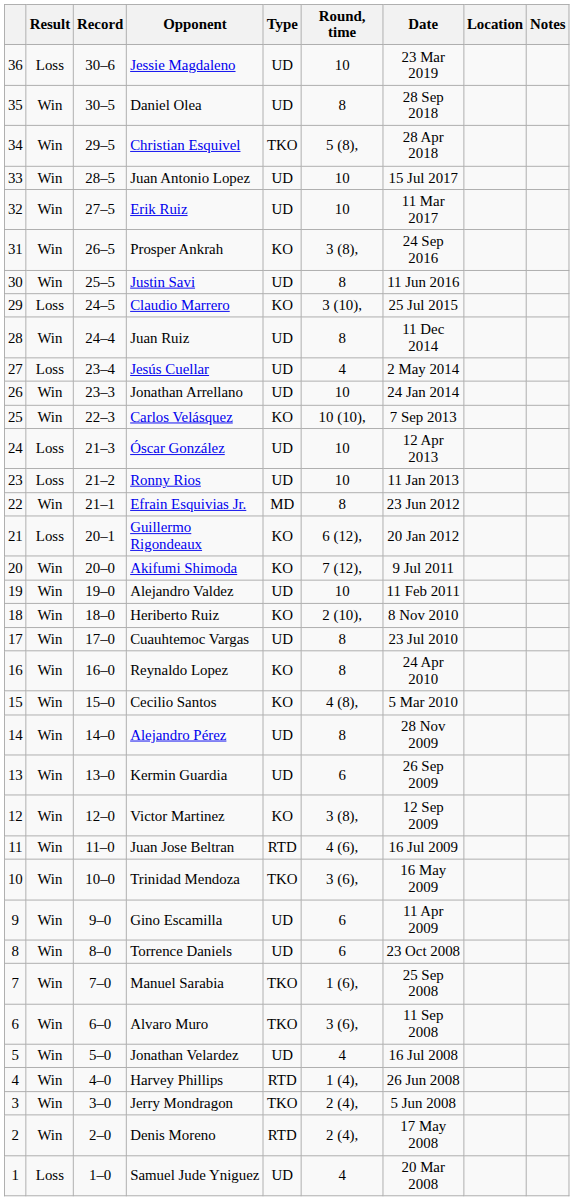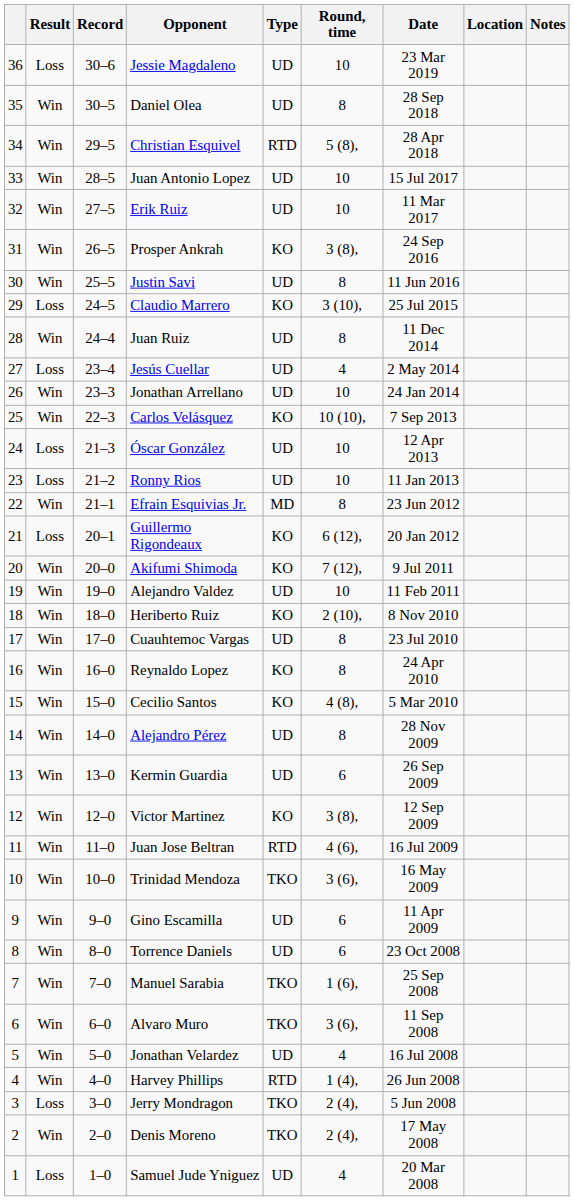 <table class="wikitable" style="text-align:center">
 <tr>
 <th></th>
 <th>Result</th>
 <th>Record</th>
 <th>Opponent</th>
 <th>Type</th>
 <th>Round, time</th>
 <th>Date</th>
 <th>Location</th>
 <th>Notes</th>
 </tr>
 <tr>
 <td>36</td>
 <td>Loss</td>
 <td>30–6</td>
 <td align=left><a href='#'>Jessie Magdaleno</a></td>
 <td>UD</td>
 <td>10</td>
 <td>23 Mar 2019</td>
 <td align=left></td>
 <td align=left></td>
 </tr>
 <tr>
 <td>35</td>
 <td>Win</td>
 <td>30–5</td>
 <td align=left>Daniel Olea</td>
 <td>UD</td>
 <td>8</td>
 <td>28 Sep 2018</td>
 <td align=left></td>
 <td align=left></td>
 </tr>
 <tr>
 <td>34</td>
 <td>Win</td>
 <td>29–5</td>
 <td align=left><a href='#'>Christian Esquivel</a></td>
-<td>TKO</td>
+<td>RTD</td>
 <td>5 (8), </td>
 <td>28 Apr 2018</td>
 <td align=left></td>
 <td align=left></td>
 </tr>
 <tr>
 <td>33</td>
 <td>Win</td>
 <td>28–5</td>
 <td align=left>Juan Antonio Lopez</td>
 <td>UD</td>
 <td>10</td>
 <td>15 Jul 2017</td>
 <td align=left></td>
 <td align=left></td>
 </tr>
 <tr>
 <td>32</td>
 <td>Win</td>
 <td>27–5</td>
 <td align=left><a href='#'>Erik Ruiz</a></td>
 <td>UD</td>
 <td>10</td>
 <td>11 Mar 2017</td>
 <td align=left></td>
 <td align=left></td>
 </tr>
 <tr>
 <td>31</td>
 <td>Win</td>
 <td>26–5</td>
 <td align=left>Prosper Ankrah</td>
 <td>KO</td>
 <td>3 (8), </td>
 <td>24 Sep 2016</td>
 <td align=left></td>
 <td align=left></td>
 </tr>
 <tr>
 <td>30</td>
 <td>Win</td>
 <td>25–5</td>
 <td align=left><a href='#'>Justin Savi</a></td>
 <td>UD</td>
 <td>8</td>
 <td>11 Jun 2016</td>
 <td align=left></td>
 <td align=left></td>
 </tr>
 <tr>
 <td>29</td>
 <td>Loss</td>
 <td>24–5</td>
 <td align=left><a href='#'>Claudio Marrero</a></td>
 <td>KO</td>
 <td>3 (10), </td>
 <td>25 Jul 2015</td>
 <td align=left></td>
 <td align=left></td>
 </tr>
 <tr>
 <td>28</td>
 <td>Win</td>
 <td>24–4</td>
 <td align=left>Juan Ruiz</td>
 <td>UD</td>
 <td>8</td>
 <td>11 Dec 2014</td>
 <td align=left></td>
 <td align=left></td>
 </tr>
 <tr>
 <td>27</td>
 <td>Loss</td>
 <td>23–4</td>
 <td align=left><a href='#'>Jesús Cuellar</a></td>
 <td>UD</td>
 <td>4</td>
 <td>2 May 2014</td>
 <td align=left></td>
 <td align=left></td>
 </tr>
 <tr>
 <td>26</td>
 <td>Win</td>
 <td>23–3</td>
 <td align=left>Jonathan Arrellano</td>
 <td>UD</td>
 <td>10</td>
 <td>24 Jan 2014</td>
 <td align=left></td>
 <td align=left></td>
 </tr>
 <tr>
 <td>25</td>
 <td>Win</td>
 <td>22–3</td>
 <td align=left><a href='#'>Carlos Velásquez</a></td>
 <td>KO</td>
 <td>10 (10), </td>
 <td>7 Sep 2013</td>
 <td align=left></td>
 <td align=left></td>
 </tr>
 <tr>
 <td>24</td>
 <td>Loss</td>
 <td>21–3</td>
 <td align=left><a href='#'>Óscar González</a></td>
 <td>UD</td>
 <td>10</td>
 <td>12 Apr 2013</td>
 <td align=left></td>
 <td align=left></td>
 </tr>
 <tr>
 <td>23</td>
 <td>Loss</td>
 <td>21–2</td>
 <td align=left><a href='#'>Ronny Rios</a></td>
 <td>UD</td>
 <td>10</td>
 <td>11 Jan 2013</td>
 <td align=left></td>
 <td align=left></td>
 </tr>
 <tr>
 <td>22</td>
 <td>Win</td>
 <td>21–1</td>
 <td align=left><a href='#'>Efrain Esquivias Jr.</a></td>
 <td>MD</td>
 <td>8</td>
 <td>23 Jun 2012</td>
 <td align=left></td>
 <td align=left></td>
 </tr>
 <tr>
 <td>21</td>
 <td>Loss</td>
 <td>20–1</td>
 <td align=left><a href='#'>Guillermo Rigondeaux</a></td>
 <td>KO</td>
 <td>6 (12), </td>
 <td>20 Jan 2012</td>
 <td align=left></td>
 <td align=left></td>
 </tr>
 <tr>
 <td>20</td>
 <td>Win</td>
 <td>20–0</td>
 <td align=left><a href='#'>Akifumi Shimoda</a></td>
 <td>KO</td>
 <td>7 (12), </td>
 <td>9 Jul 2011</td>
 <td align=left></td>
 <td align=left></td>
 </tr>
 <tr>
 <td>19</td>
 <td>Win</td>
 <td>19–0</td>
 <td align=left>Alejandro Valdez</td>
 <td>UD</td>
 <td>10</td>
 <td>11 Feb 2011</td>
 <td align=left></td>
 <td align=left></td>
 </tr>
 <tr>
 <td>18</td>
 <td>Win</td>
 <td>18–0</td>
 <td align=left>Heriberto Ruiz</td>
 <td>KO</td>
 <td>2 (10), </td>
 <td>8 Nov 2010</td>
 <td align=left></td>
 <td align=left></td>
 </tr>
 <tr>
 <td>17</td>
 <td>Win</td>
 <td>17–0</td>
 <td align=left>Cuauhtemoc Vargas</td>
 <td>UD</td>
 <td>8</td>
 <td>23 Jul 2010</td>
 <td align=left></td>
 <td align=left></td>
 </tr>
 <tr>
 <td>16</td>
 <td>Win</td>
 <td>16–0</td>
 <td align=left>Reynaldo Lopez</td>
 <td>KO</td>
 <td>8</td>
 <td>24 Apr 2010</td>
 <td align=left></td>
 <td align=left></td>
 </tr>
 <tr>
 <td>15</td>
 <td>Win</td>
 <td>15–0</td>
 <td align=left>Cecilio Santos</td>
 <td>KO</td>
 <td>4 (8), </td>
 <td>5 Mar 2010</td>
 <td align=left></td>
 <td align=left></td>
 </tr>
 <tr>
 <td>14</td>
 <td>Win</td>
 <td>14–0</td>
 <td align=left><a href='#'>Alejandro Pérez</a></td>
 <td>UD</td>
 <td>8</td>
 <td>28 Nov 2009</td>
 <td align=left></td>
 <td align=left></td>
 </tr>
 <tr>
 <td>13</td>
 <td>Win</td>
 <td>13–0</td>
 <td align=left>Kermin Guardia</td>
 <td>UD</td>
 <td>6</td>
 <td>26 Sep 2009</td>
 <td align=left></td>
 <td align=left></td>
 </tr>
 <tr>
 <td>12</td>
 <td>Win</td>
 <td>12–0</td>
 <td align=left>Victor Martinez</td>
 <td>KO</td>
 <td>3 (8), </td>
 <td>12 Sep 2009</td>
 <td align=left></td>
 <td align=left></td>
 </tr>
 <tr>
 <td>11</td>
 <td>Win</td>
 <td>11–0</td>
 <td align=left>Juan Jose Beltran</td>
 <td>RTD</td>
 <td>4 (6), </td>
 <td>16 Jul 2009</td>
 <td align=left></td>
 <td align=left></td>
 </tr>
 <tr>
 <td>10</td>
 <td>Win</td>
 <td>10–0</td>
 <td align=left>Trinidad Mendoza</td>
 <td>TKO</td>
 <td>3 (6), </td>
 <td>16 May 2009</td>
 <td align=left></td>
 <td align=left></td>
 </tr>
 <tr>
 <td>9</td>
 <td>Win</td>
 <td>9–0</td>
 <td align=left>Gino Escamilla</td>
 <td>UD</td>
 <td>6</td>
 <td>11 Apr 2009</td>
 <td align=left></td>
 <td align=left></td>
 </tr>
 <tr>
 <td>8</td>
 <td>Win</td>
 <td>8–0</td>
 <td align=left>Torrence Daniels</td>
 <td>UD</td>
 <td>6</td>
 <td>23 Oct 2008</td>
 <td align=left></td>
 <td align=left></td>
 </tr>
 <tr>
 <td>7</td>
 <td>Win</td>
 <td>7–0</td>
 <td align=left>Manuel Sarabia</td>
 <td>TKO</td>
 <td>1 (6), </td>
 <td>25 Sep 2008</td>
 <td align=left></td>
 <td align=left></td>
 </tr>
 <tr>
 <td>6</td>
 <td>Win</td>
 <td>6–0</td>
 <td align=left>Alvaro Muro</td>
 <td>TKO</td>
 <td>3 (6), </td>
 <td>11 Sep 2008</td>
 <td align=left></td>
 <td align=left></td>
 </tr>
 <tr>
 <td>5</td>
 <td>Win</td>
 <td>5–0</td>
 <td align=left>Jonathan Velardez</td>
 <td>UD</td>
 <td>4</td>
 <td>16 Jul 2008</td>
 <td align=left></td>
 <td align=left></td>
 </tr>
 <tr>
 <td>4</td>
 <td>Win</td>
 <td>4–0</td>
 <td align=left>Harvey Phillips</td>
 <td>RTD</td>
 <td>1 (4), </td>
 <td>26 Jun 2008</td>
 <td align=left></td>
 <td align=left></td>
 </tr>
 <tr>
 <td>3</td>
-<td>Win</td>
+<td>Loss</td>
 <td>3–0</td>
 <td align=left>Jerry Mondragon</td>
 <td>TKO</td>
 <td>2 (4), </td>
 <td>5 Jun 2008</td>
 <td align=left></td>
 <td align=left></td>
 </tr>
 <tr>
 <td>2</td>
 <td>Win</td>
 <td>2–0</td>
 <td align=left>Denis Moreno</td>
-<td>RTD</td>
+<td>TKO</td>
 <td>2 (4), </td>
 <td>17 May 2008</td>
 <td align=left></td>
 <td align=left></td>
 </tr>
 <tr>
 <td>1</td>
 <td>Loss</td>
 <td>1–0</td>
 <td align=left>Samuel Jude Yniguez</td>
 <td>UD</td>
 <td>4</td>
 <td>20 Mar 2008</td>
 <td align=left></td>
 <td align=left></td>
 </tr>
 </table>
